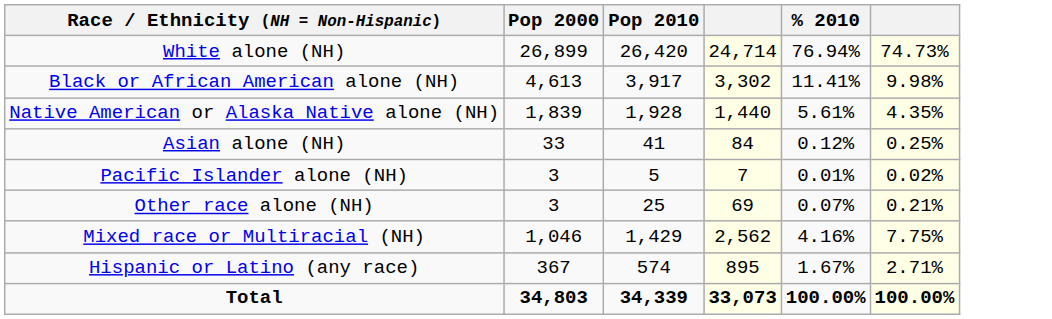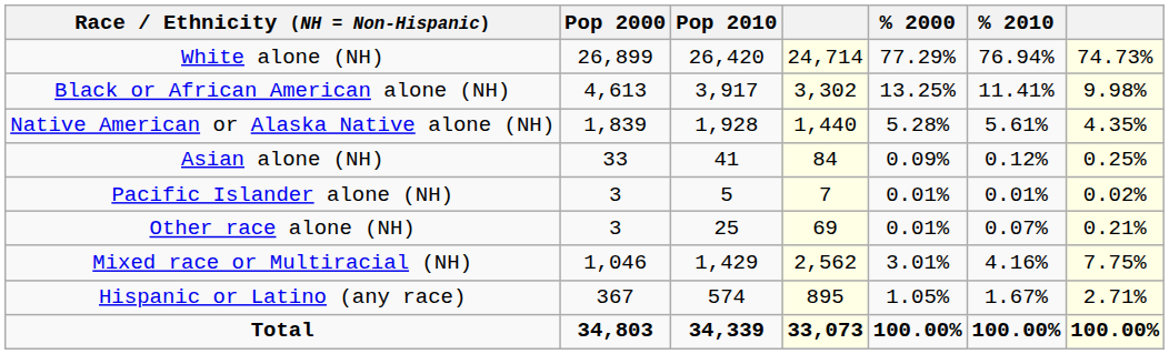 <table class="wikitable" style="text-align:center;">
 <tr>
 <th>Race / Ethnicity <small>(<em>NH = Non-Hispanic</em>)</small></th>
 <th>Pop 2000</th>
 <th>Pop 2010</th>
 <th></th>
+<th>% 2000</th>
 <th>% 2010</th>
 <th></th>
 </tr>
 <tr>
 <td><a href='#'>White</a> alone (NH)</td>
 <td>26,899</td>
 <td>26,420</td>
 <td style='background: #ffffe6;'>24,714</td>
+<td>77.29%</td>
 <td>76.94%</td>
 <td style='background: #ffffe6;'>74.73%</td>
 </tr>
 <tr>
 <td><a href='#'>Black or African American</a> alone (NH)</td>
 <td>4,613</td>
 <td>3,917</td>
 <td style='background: #ffffe6;'>3,302</td>
+<td>13.25%</td>
 <td>11.41%</td>
 <td style='background: #ffffe6;'>9.98%</td>
 </tr>
 <tr>
 <td><a href='#'>Native American</a> or <a href='#'>Alaska Native</a> alone (NH)</td>
 <td>1,839</td>
 <td>1,928</td>
 <td style='background: #ffffe6;'>1,440</td>
+<td>5.28%</td>
 <td>5.61%</td>
 <td style='background: #ffffe6;'>4.35%</td>
 </tr>
 <tr>
 <td><a href='#'>Asian</a> alone (NH)</td>
 <td>33</td>
 <td>41</td>
 <td style='background: #ffffe6;'>84</td>
+<td>0.09%</td>
 <td>0.12%</td>
 <td style='background: #ffffe6;'>0.25%</td>
 </tr>
 <tr>
 <td><a href='#'>Pacific Islander</a> alone (NH)</td>
 <td>3</td>
 <td>5</td>
 <td style='background: #ffffe6;'>7</td>
 <td>0.01%</td>
+<td>0.01%</td>
 <td style='background: #ffffe6;'>0.02%</td>
 </tr>
 <tr>
 <td><a href='#'>Other race</a> alone (NH)</td>
 <td>3</td>
 <td>25</td>
 <td style='background: #ffffe6;'>69</td>
+<td>0.01%</td>
 <td>0.07%</td>
 <td style='background: #ffffe6;'>0.21%</td>
 </tr>
 <tr>
 <td><a href='#'>Mixed race or Multiracial</a> (NH)</td>
 <td>1,046</td>
 <td>1,429</td>
 <td style='background: #ffffe6;'>2,562</td>
+<td>3.01%</td>
 <td>4.16%</td>
 <td style='background: #ffffe6;'>7.75%</td>
 </tr>
 <tr>
 <td><a href='#'>Hispanic or Latino</a> (any race)</td>
 <td>367</td>
 <td>574</td>
 <td style='background: #ffffe6;'>895</td>
+<td>1.05%</td>
 <td>1.67%</td>
 <td style='background: #ffffe6;'>2.71%</td>
 </tr>
 <tr>
 <td><strong>Total</strong></td>
 <td><strong>34,803</strong></td>
 <td><strong>34,339</strong></td>
 <td style='background: #ffffe6;'><strong>33,073</strong></td>
 <td><strong>100.00%</strong></td>
+<td><strong>100.00%</strong></td>
 <td style='background: #ffffe6;'><strong>100.00%</strong></td>
 </tr>
 </table>
